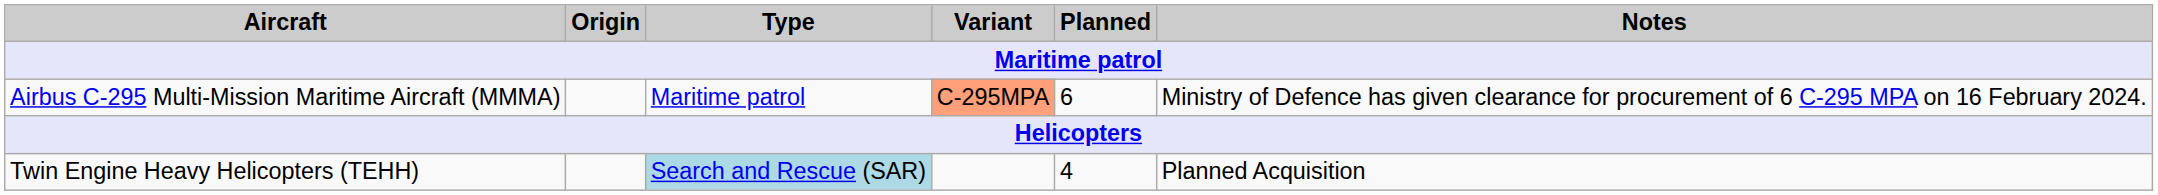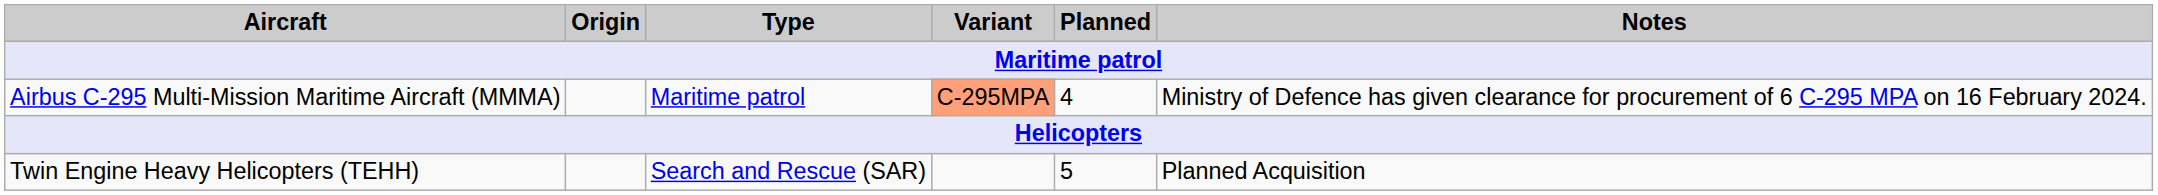 <table class="wikitable sortable">
 <tr>
 <th style="text-align:center; background:#ccc;">Aircraft</th>
 <th style="text-align:center; background:#ccc;">Origin</th>
 <th style="text-align:center; background:#ccc;">Type</th>
 <th style="text-align:center; background:#ccc;">Variant</th>
 <th style="text-align:center; background:#ccc;">Planned</th>
 <th style="text-align:center; background:#ccc;">Notes</th>
 </tr>
 <tr>
 <th colspan="6" style="align: center; background: lavender;"><a href='#'>Maritime patrol</a></th>
 </tr>
 <tr>
 <td><a href='#'>Airbus C-295</a> Multi-Mission Maritime Aircraft (MMMA)</td>
 <td><br></td>
 <td><a href='#'>Maritime patrol</a></td>
 <td style="background: lightsalmon;">C-295MPA</td>
-<td>6</td>
+<td>4</td>
 <td>Ministry of Defence has given clearance for procurement of 6 <a href='#'>C-295 MPA</a> on 16 February 2024.</td>
 </tr>
 <tr>
 <th colspan="6" style="align: center; background: lavender;"><a href='#'>Helicopters</a></th>
 </tr>
 <tr>
 <td>Twin Engine Heavy Helicopters (TEHH)</td>
 <td></td>
-<td style="background: lightblue;"><a href='#'>Search and Rescue</a> (SAR)</td>
+<td><a href='#'>Search and Rescue</a> (SAR)</td>
 <td></td>
-<td>4</td>
+<td>5</td>
 <td>Planned Acquisition</td>
 </tr>
 </table>
